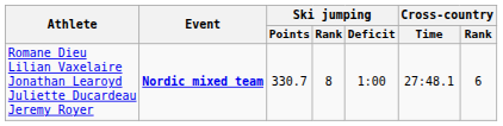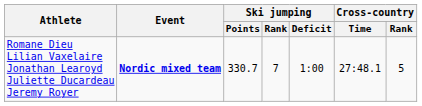 <table class="wikitable" style="font-size:90%">
 <tr>
 <th rowspan="2">Athlete</th>
 <th rowspan="2">Event</th>
 <th colspan="3">Ski jumping</th>
 <th colspan="2">Cross-country</th>
 </tr>
 <tr style="font-size:95%">
 <th>Points</th>
 <th>Rank</th>
 <th>Deficit</th>
 <th>Time</th>
 <th>Rank</th>
 </tr>
 <tr align=center>
 <td align=left><a href='#'>Romane Dieu</a><br><a href='#'>Lilian Vaxelaire</a><br><a href='#'>Jonathan Learoyd</a><br><a href='#'>Juliette Ducardeau</a><br><a href='#'>Jeremy Royer</a></td>
 <td align=left><strong><a href='#'>Nordic mixed team</a></strong></td>
 <td>330.7</td>
-<td>8</td>
+<td>7</td>
 <td>1:00</td>
 <td>27:48.1</td>
-<td>6</td>
+<td>5</td>
 </tr>
 </table>
